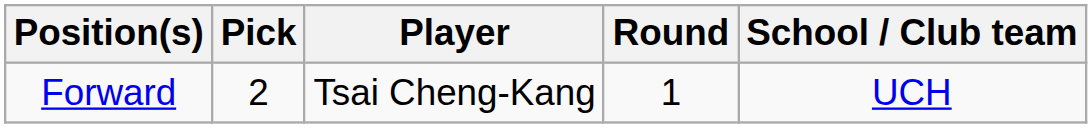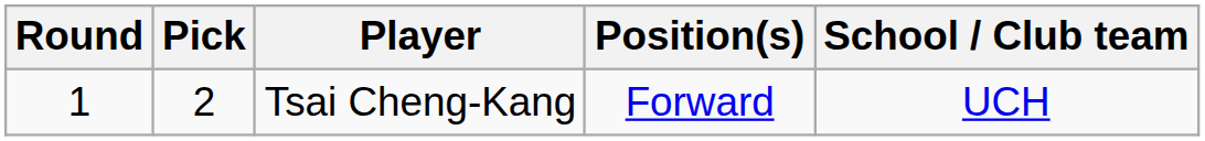 <table class="wikitable sortable sortable">
 <tr>
-<th>Position(s)</th>
+<th>Round</th>
 <th>Pick</th>
 <th>Player</th>
-<th>Round</th>
+<th>Position(s)</th>
 <th>School / Club team</th>
 </tr>
 <tr style="text-align: center">
-<td><a href='#'>Forward</a></td>
+<td>1</td>
 <td>2</td>
 <td>Tsai Cheng-Kang</td>
-<td>1</td>
+<td><a href='#'>Forward</a></td>
 <td><a href='#'>UCH</a></td>
 </tr>
 </table>
